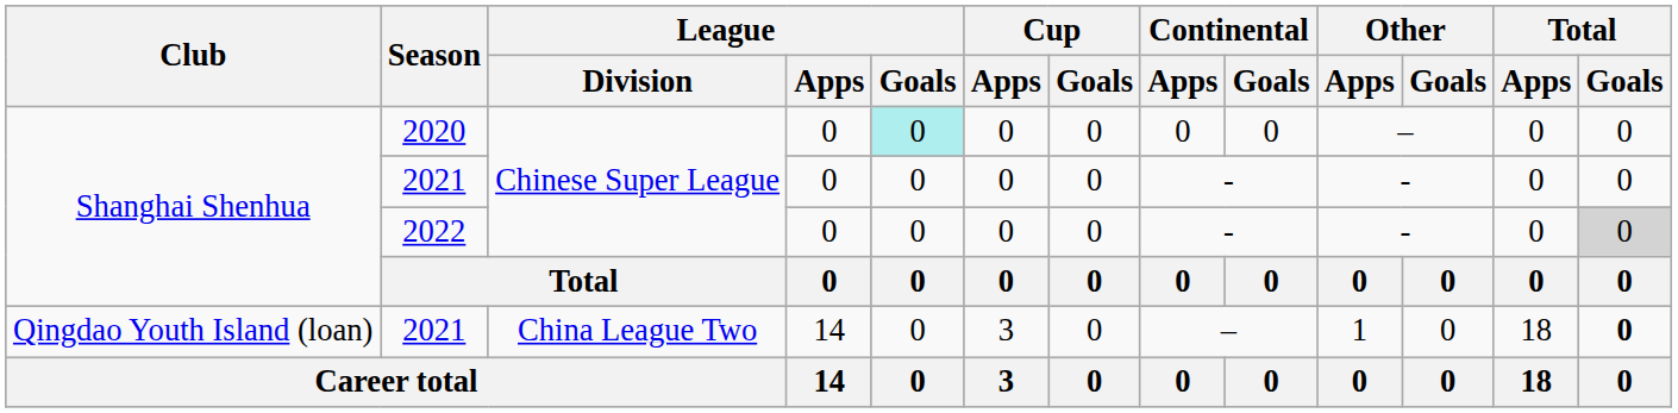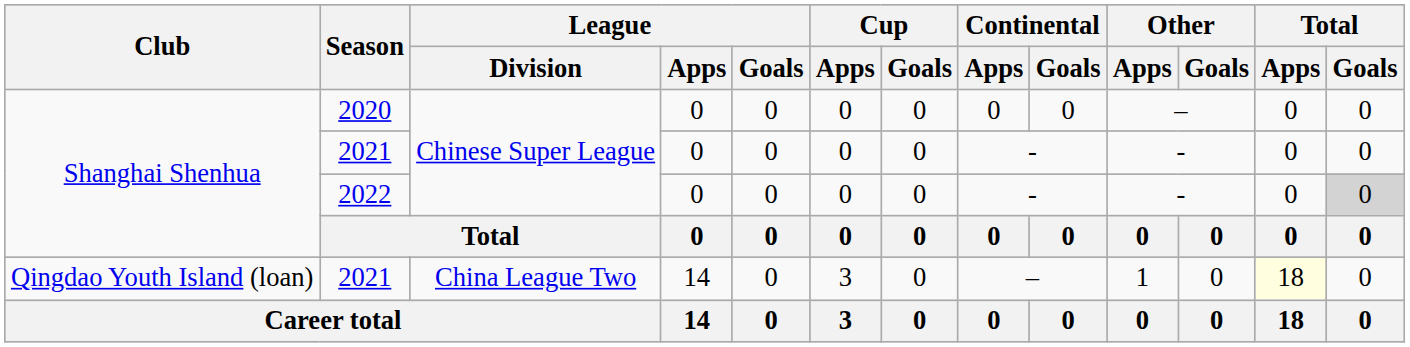 <table class="wikitable" style="text-align: center">
 <tr>
 <th rowspan="2">Club</th>
 <th rowspan="2">Season</th>
 <th colspan="3">League</th>
 <th colspan="2">Cup</th>
 <th colspan="2">Continental</th>
 <th colspan="2">Other</th>
 <th colspan="2">Total</th>
 </tr>
 <tr>
 <th>Division</th>
 <th>Apps</th>
 <th>Goals</th>
 <th>Apps</th>
 <th>Goals</th>
 <th>Apps</th>
 <th>Goals</th>
 <th>Apps</th>
 <th>Goals</th>
 <th>Apps</th>
 <th>Goals</th>
 </tr>
 <tr>
 <td rowspan=4><a href='#'>Shanghai Shenhua</a></td>
 <td><a href='#'>2020</a></td>
 <td rowspan=3><a href='#'>Chinese Super League</a></td>
 <td>0</td>
-<td style="background: paleturquoise;">0</td>
+<td>0</td>
 <td>0</td>
 <td>0</td>
 <td>0</td>
 <td>0</td>
 <td colspan="2">–</td>
 <td>0</td>
 <td>0</td>
 </tr>
 <tr>
 <td><a href='#'>2021</a></td>
 <td>0</td>
 <td>0</td>
 <td>0</td>
 <td>0</td>
 <td colspan="2">-</td>
 <td colspan="2">-</td>
 <td>0</td>
 <td>0</td>
 </tr>
 <tr>
 <td><a href='#'>2022</a></td>
 <td>0</td>
 <td>0</td>
 <td>0</td>
 <td>0</td>
 <td colspan="2">-</td>
 <td colspan="2">-</td>
 <td>0</td>
 <td style="background: lightgrey;">0</td>
 </tr>
 <tr>
 <th colspan=2>Total</th>
 <th>0</th>
 <th>0</th>
 <th>0</th>
 <th>0</th>
 <th>0</th>
 <th>0</th>
 <th>0</th>
 <th>0</th>
 <th>0</th>
 <th>0</th>
 </tr>
 <tr>
 <td><a href='#'>Qingdao Youth Island</a> (loan)</td>
 <td><a href='#'>2021</a></td>
 <td><a href='#'>China League Two</a></td>
 <td>14</td>
 <td>0</td>
 <td>3</td>
 <td>0</td>
 <td colspan="2">–</td>
 <td>1</td>
 <td>0</td>
-<td>18</td>
-<td><strong>0</strong></td>
+<td style="background: lightyellow;">18</td>
+<td>0</td>
 </tr>
 <tr>
 <th colspan=3>Career total</th>
 <th>14</th>
 <th>0</th>
 <th>3</th>
 <th>0</th>
 <th>0</th>
 <th>0</th>
 <th>0</th>
 <th>0</th>
 <th>18</th>
 <th>0</th>
 </tr>
 </table>
